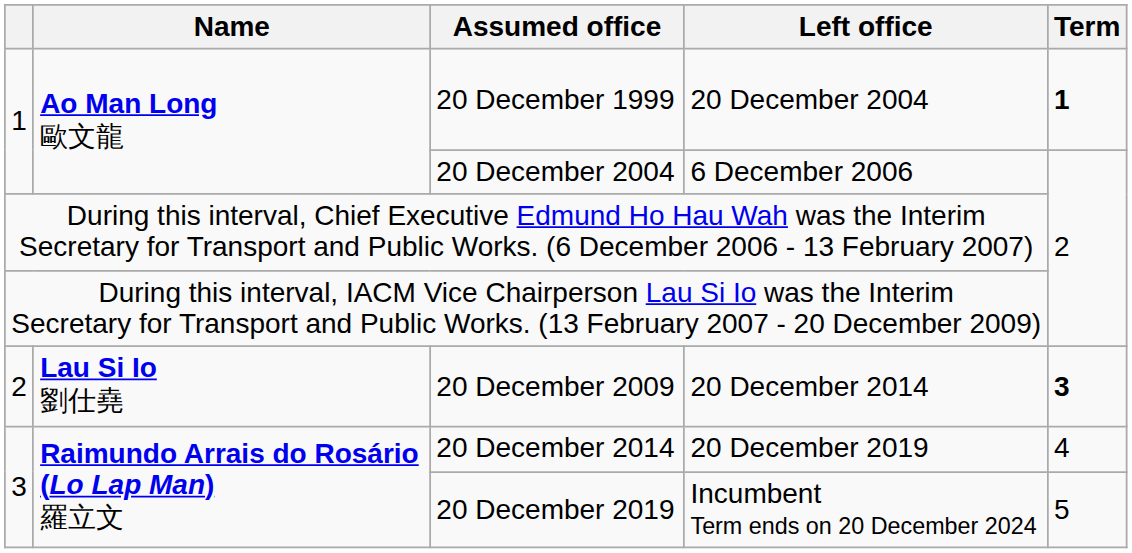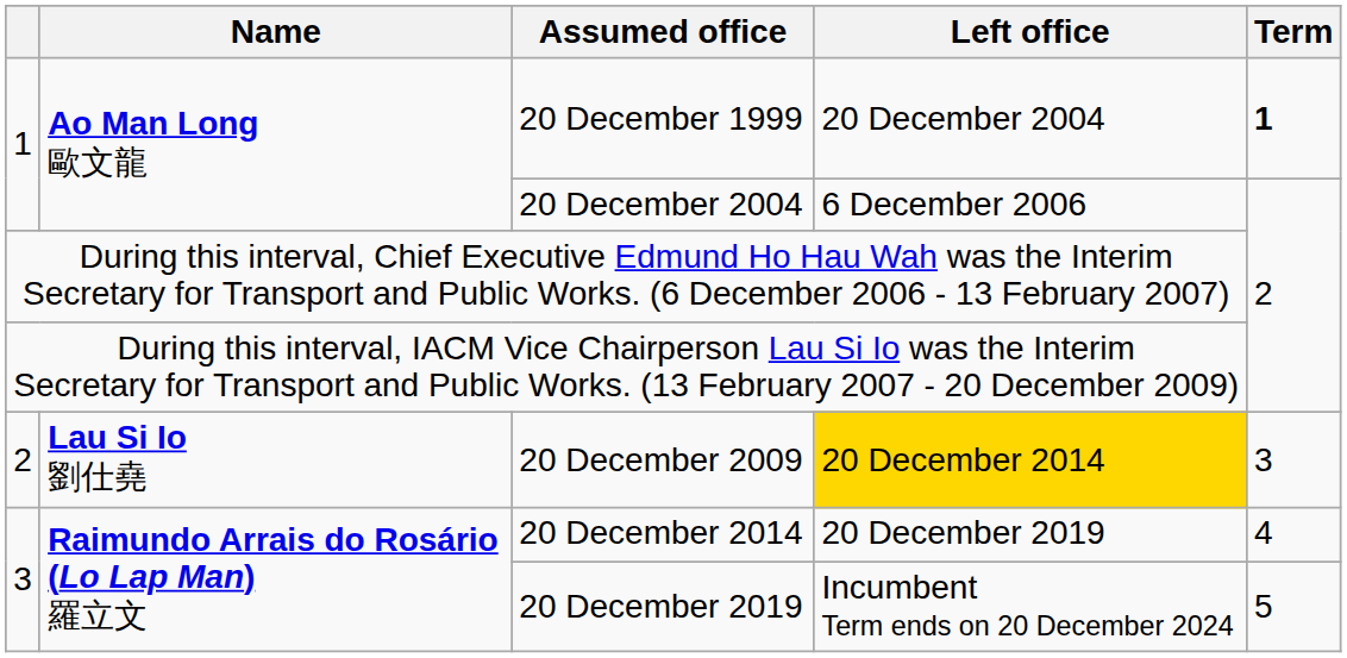 <table class="wikitable">
 <tr>
 <th></th>
 <th>Name</th>
 <th>Assumed office</th>
 <th>Left office</th>
 <th>Term</th>
 </tr>
 <tr>
 <td rowspan=2>1</td>
 <td rowspan=2><strong><a href='#'>Ao Man Long</a></strong><br>歐文龍</td>
 <td height="50">20 December 1999</td>
 <td>20 December 2004</td>
 <td><strong>1</strong></td>
 </tr>
 <tr>
 <td>20 December 2004</td>
 <td>6 December 2006</td>
 <td rowspan=3>2</td>
 </tr>
 <tr>
 <td colspan=4 align=center>During this interval, Chief Executive <a href='#'>Edmund Ho Hau Wah</a> was the Interim<br>Secretary for Transport and Public Works. (6 December 2006 - 13 February 2007)</td>
 </tr>
 <tr>
 <td colspan=4 align=center>During this interval, IACM Vice Chairperson <a href='#'>Lau Si Io</a> was the Interim<br>Secretary for Transport and Public Works. (13 February 2007 - 20 December 2009)</td>
 </tr>
 <tr>
 <td>2</td>
 <td><strong><a href='#'>Lau Si Io</a></strong><br>劉仕堯</td>
 <td>20 December 2009</td>
-<td>20 December 2014</td>
-<td><strong>3</strong></td>
+<td style="background: gold;">20 December 2014</td>
+<td>3</td>
 </tr>
 <tr>
 <td rowspan = 2>3</td>
 <td rowspan = 2><strong><a href='#'>Raimundo Arrais do Rosário<br>(<em>Lo Lap Man</em>)</a></strong><br>羅立文</td>
 <td>20 December 2014</td>
 <td>20 December 2019</td>
 <td>4</td>
 </tr>
 <tr>
 <td>20 December 2019</td>
 <td>Incumbent<br><small>Term ends on 20 December 2024</small></td>
 <td>5</td>
 </tr>
 </table>
